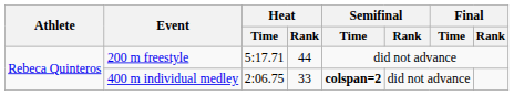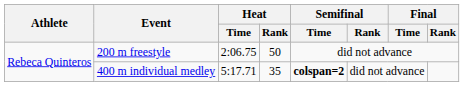 <table class=wikitable style="font-size:90%">
 <tr>
 <th rowspan="2">Athlete</th>
 <th rowspan="2">Event</th>
 <th colspan="2">Heat</th>
 <th colspan="2">Semifinal</th>
 <th colspan="2">Final</th>
 </tr>
 <tr style="font-size:95%">
 <th>Time</th>
 <th>Rank</th>
 <th>Time</th>
 <th>Rank</th>
 <th>Time</th>
 <th>Rank</th>
 </tr>
 <tr align=center>
 <td align=left rowspan=2><a href='#'>Rebeca Quinteros</a></td>
 <td align=left><a href='#'>200 m freestyle</a></td>
-<td>5:17.71</td>
-<td>44</td>
+<td>2:06.75</td>
+<td>50</td>
 <td colspan=4>did not advance</td>
 </tr>
 <tr align=center>
 <td align=left><a href='#'>400 m individual medley</a></td>
-<td>2:06.75</td>
-<td>33</td>
+<td>5:17.71</td>
+<td>35</td>
 <td><strong>colspan=2 </strong></td>
 <td colspan=2>did not advance</td>
 </tr>
 </table>
